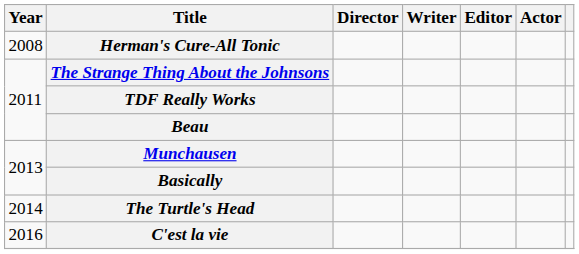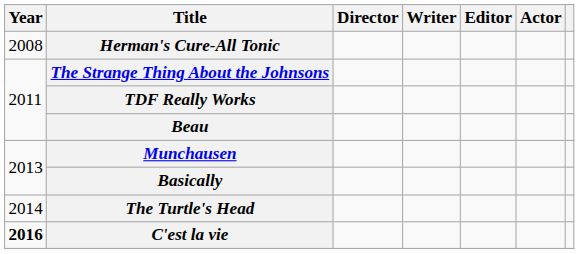 <table class="wikitable sortable plainrowheaders">
 <tr>
 <th scope="col">Year</th>
 <th scope="col">Title</th>
 <th scope="col">Director</th>
 <th scope="col">Writer</th>
 <th scope="col">Editor</th>
 <th scope="col">Actor</th>
 <th class=unsortable></th>
 </tr>
 <tr>
 <td>2008</td>
 <th scope="row"><em>Herman's Cure-All Tonic</em></th>
 <td></td>
 <td></td>
 <td></td>
 <td></td>
 <td></td>
 </tr>
 <tr>
 <td rowspan=3>2011</td>
 <th scope="row"><em><a href='#'>The Strange Thing About the Johnsons</a></em></th>
 <td></td>
 <td></td>
 <td></td>
 <td></td>
 <td></td>
 </tr>
 <tr>
 <th scope="row"><em>TDF Really Works</em></th>
 <td></td>
 <td></td>
 <td></td>
 <td></td>
 <td></td>
 </tr>
 <tr>
 <th scope="row"><em>Beau</em></th>
 <td></td>
 <td></td>
 <td></td>
 <td></td>
 <td></td>
 </tr>
 <tr>
 <td rowspan=2>2013</td>
 <th scope="row"><em><a href='#'>Munchausen</a></em></th>
 <td></td>
 <td></td>
 <td></td>
 <td></td>
 <td></td>
 </tr>
 <tr>
 <th scope="row"><em>Basically</em></th>
 <td></td>
 <td></td>
 <td></td>
 <td></td>
 <td></td>
 </tr>
 <tr>
 <td>2014</td>
 <th scope="row"><em>The Turtle's Head</em></th>
 <td></td>
 <td></td>
 <td></td>
 <td></td>
 <td></td>
 </tr>
 <tr>
-<td>2016</td>
+<td><strong>2016</strong></td>
 <th scope="row"><em>C'est la vie</em></th>
 <td></td>
 <td></td>
 <td></td>
 <td></td>
 <td></td>
 </tr>
 <tr>
 </tr>
 </table>
